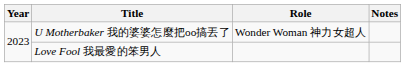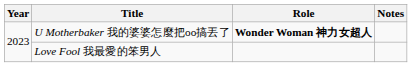 <table class="wikitable">
 <tr>
 <th>Year</th>
 <th>Title</th>
 <th>Role</th>
 <th>Notes</th>
 </tr>
 <tr>
 <td rowspan="2">2023</td>
 <td><em>U Motherbaker</em> 我的婆婆怎麼把oo搞丟了</td>
-<td>Wonder Woman 神力女超人</td>
+<td><strong>Wonder Woman 神力女超人</strong></td>
 <td></td>
 </tr>
 <tr>
 <td><em>Love Fool</em> 我最愛的笨男人</td>
 <td></td>
 <td></td>
 </tr>
 </table>
